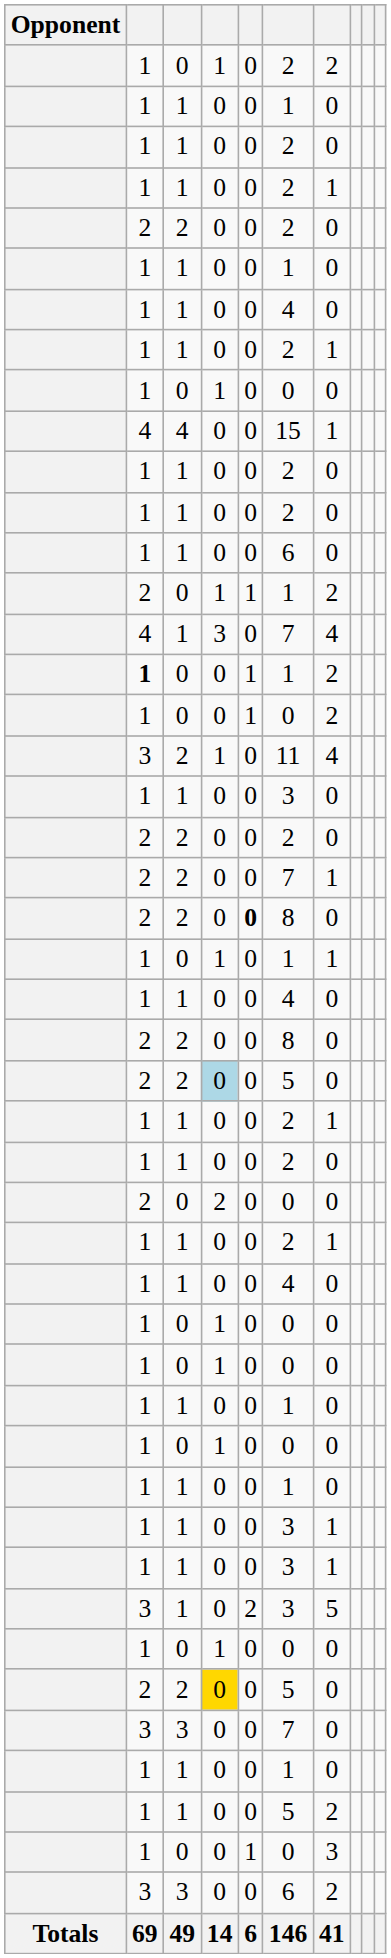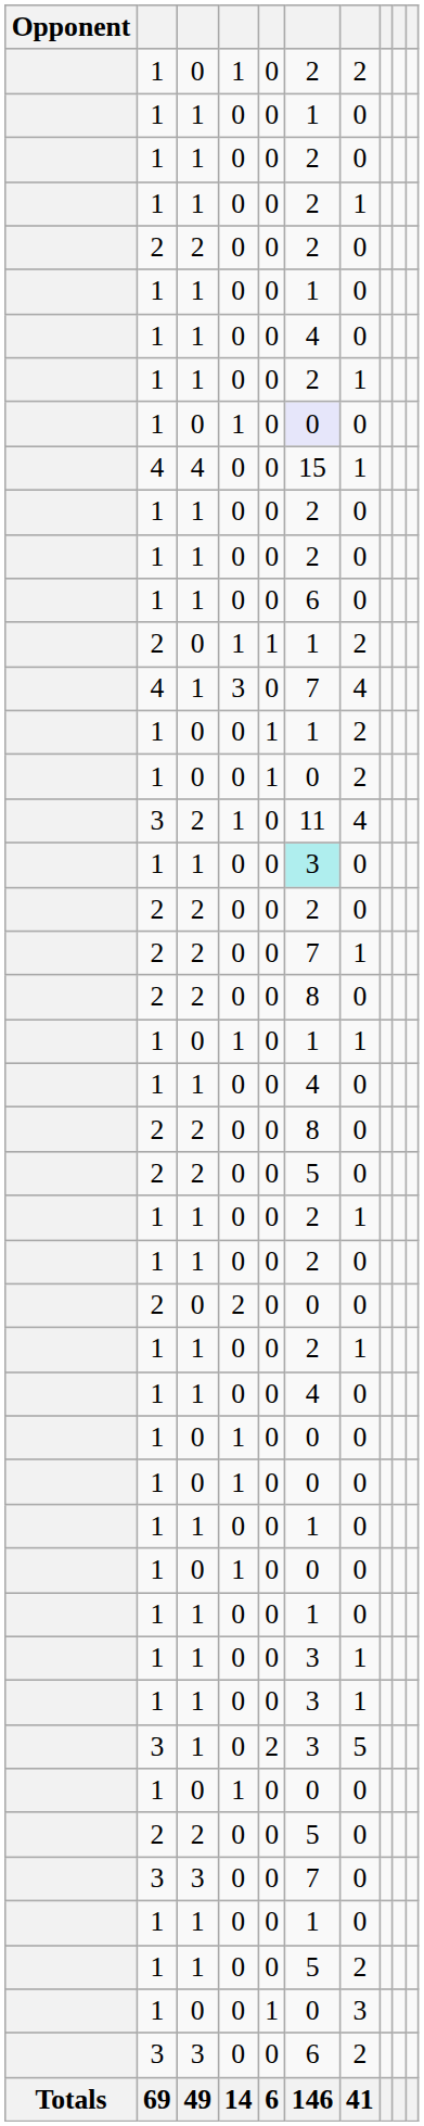 <table class="wikitable plainrowheaders sortable" style="text-align:center">
 <tr>
 <th scope=col>Opponent</th>
 <th scope=col></th>
 <th scope=col></th>
 <th scope=col></th>
 <th scope=col></th>
 <th scope=col></th>
 <th scope=col></th>
 <th scope=col></th>
 <th scope=col></th>
 <th scope=col></th>
 </tr>
 <tr>
 <th scope=row style="text-align:left;"></th>
 <td>1</td>
 <td>0</td>
 <td>1</td>
 <td>0</td>
 <td>2</td>
 <td>2</td>
 <td></td>
 <td></td>
 <td></td>
 </tr>
 <tr>
 <th scope=row style="text-align:left;"></th>
 <td>1</td>
 <td>1</td>
 <td>0</td>
 <td>0</td>
 <td>1</td>
 <td>0</td>
 <td></td>
 <td></td>
 <td></td>
 </tr>
 <tr>
 <th scope=row style="text-align:left;"></th>
 <td>1</td>
 <td>1</td>
 <td>0</td>
 <td>0</td>
 <td>2</td>
 <td>0</td>
 <td></td>
 <td></td>
 <td></td>
 </tr>
 <tr>
 <th scope=row style="text-align:left;"></th>
 <td>1</td>
 <td>1</td>
 <td>0</td>
 <td>0</td>
 <td>2</td>
 <td>1</td>
 <td></td>
 <td></td>
 <td></td>
 </tr>
 <tr>
 <th scope=row style="text-align:left;"></th>
 <td>2</td>
 <td>2</td>
 <td>0</td>
 <td>0</td>
 <td>2</td>
 <td>0</td>
 <td></td>
 <td></td>
 <td></td>
 </tr>
 <tr>
 <th scope=row style="text-align:left;"></th>
 <td>1</td>
 <td>1</td>
 <td>0</td>
 <td>0</td>
 <td>1</td>
 <td>0</td>
 <td></td>
 <td></td>
 <td></td>
 </tr>
 <tr>
 <th scope=row style="text-align:left;"></th>
 <td>1</td>
 <td>1</td>
 <td>0</td>
 <td>0</td>
 <td>4</td>
 <td>0</td>
 <td></td>
 <td></td>
 <td></td>
 </tr>
 <tr>
 <th scope=row style="text-align:left;"></th>
 <td>1</td>
 <td>1</td>
 <td>0</td>
 <td>0</td>
 <td>2</td>
 <td>1</td>
 <td></td>
 <td></td>
 <td></td>
 </tr>
 <tr>
 <th scope=row style="text-align:left;"></th>
 <td>1</td>
 <td>0</td>
 <td>1</td>
 <td>0</td>
-<td>0</td>
+<td style="background: lavender;">0</td>
 <td>0</td>
 <td></td>
 <td></td>
 <td></td>
 </tr>
 <tr>
 <th scope=row style="text-align:left;"></th>
 <td>4</td>
 <td>4</td>
 <td>0</td>
 <td>0</td>
 <td>15</td>
 <td>1</td>
 <td></td>
 <td></td>
 <td></td>
 </tr>
 <tr>
 <th scope=row style="text-align:left;"></th>
 <td>1</td>
 <td>1</td>
 <td>0</td>
 <td>0</td>
 <td>2</td>
 <td>0</td>
 <td></td>
 <td></td>
 <td></td>
 </tr>
 <tr>
 <th scope=row style="text-align:left;"></th>
 <td>1</td>
 <td>1</td>
 <td>0</td>
 <td>0</td>
 <td>2</td>
 <td>0</td>
 <td></td>
 <td></td>
 <td></td>
 </tr>
 <tr>
 <th scope=row style="text-align:left;"></th>
 <td>1</td>
 <td>1</td>
 <td>0</td>
 <td>0</td>
 <td>6</td>
 <td>0</td>
 <td></td>
 <td></td>
 <td></td>
 </tr>
 <tr>
 <th scope=row style="text-align:left;"></th>
 <td>2</td>
 <td>0</td>
 <td>1</td>
 <td>1</td>
 <td>1</td>
 <td>2</td>
 <td></td>
 <td></td>
 <td></td>
 </tr>
 <tr>
 <th scope=row style="text-align:left;"></th>
 <td>4</td>
 <td>1</td>
 <td>3</td>
 <td>0</td>
 <td>7</td>
 <td>4</td>
 <td></td>
 <td></td>
 <td></td>
 </tr>
 <tr>
 <th scope=row style="text-align:left;"></th>
-<td><strong>1</strong></td>
+<td>1</td>
 <td>0</td>
 <td>0</td>
 <td>1</td>
 <td>1</td>
 <td>2</td>
 <td></td>
 <td></td>
 <td></td>
 </tr>
 <tr>
 <th scope=row style="text-align:left;"></th>
 <td>1</td>
 <td>0</td>
 <td>0</td>
 <td>1</td>
 <td>0</td>
 <td>2</td>
 <td></td>
 <td></td>
 <td></td>
 </tr>
 <tr>
 <th scope=row style="text-align:left;"></th>
 <td>3</td>
 <td>2</td>
 <td>1</td>
 <td>0</td>
 <td>11</td>
 <td>4</td>
 <td></td>
 <td></td>
 <td></td>
 </tr>
 <tr>
 <th scope=row style="text-align:left;"></th>
 <td>1</td>
 <td>1</td>
 <td>0</td>
 <td>0</td>
-<td>3</td>
+<td style="background: paleturquoise;">3</td>
 <td>0</td>
 <td></td>
 <td></td>
 <td></td>
 </tr>
 <tr>
 <th scope=row style="text-align:left;"></th>
 <td>2</td>
 <td>2</td>
 <td>0</td>
 <td>0</td>
 <td>2</td>
 <td>0</td>
 <td></td>
 <td></td>
 <td></td>
 </tr>
 <tr>
 <th scope=row style="text-align:left;"></th>
 <td>2</td>
 <td>2</td>
 <td>0</td>
 <td>0</td>
 <td>7</td>
 <td>1</td>
 <td></td>
 <td></td>
 <td></td>
 </tr>
 <tr>
 <th scope=row style="text-align:left;"></th>
 <td>2</td>
 <td>2</td>
 <td>0</td>
-<td><strong>0</strong></td>
+<td>0</td>
 <td>8</td>
 <td>0</td>
 <td></td>
 <td></td>
 <td></td>
 </tr>
 <tr>
 <th scope=row style="text-align:left;"></th>
 <td>1</td>
 <td>0</td>
 <td>1</td>
 <td>0</td>
 <td>1</td>
 <td>1</td>
 <td></td>
 <td></td>
 <td></td>
 </tr>
 <tr>
 <th scope=row style="text-align:left;"></th>
 <td>1</td>
 <td>1</td>
 <td>0</td>
 <td>0</td>
 <td>4</td>
 <td>0</td>
 <td></td>
 <td></td>
 <td></td>
 </tr>
 <tr>
 <th scope=row style="text-align:left;"></th>
 <td>2</td>
 <td>2</td>
 <td>0</td>
 <td>0</td>
 <td>8</td>
 <td>0</td>
 <td></td>
 <td></td>
 <td></td>
 </tr>
 <tr>
 <th scope=row style="text-align:left;"></th>
 <td>2</td>
 <td>2</td>
-<td style="background: lightblue;">0</td>
+<td>0</td>
 <td>0</td>
 <td>5</td>
 <td>0</td>
 <td></td>
 <td></td>
 <td></td>
 </tr>
 <tr>
 <th scope=row style="text-align:left;"></th>
 <td>1</td>
 <td>1</td>
 <td>0</td>
 <td>0</td>
 <td>2</td>
 <td>1</td>
 <td></td>
 <td></td>
 <td></td>
 </tr>
 <tr>
 <th scope=row style="text-align:left;"></th>
 <td>1</td>
 <td>1</td>
 <td>0</td>
 <td>0</td>
 <td>2</td>
 <td>0</td>
 <td></td>
 <td></td>
 <td></td>
 </tr>
 <tr>
 <th scope=row style="text-align:left;"></th>
 <td>2</td>
 <td>0</td>
 <td>2</td>
 <td>0</td>
 <td>0</td>
 <td>0</td>
 <td></td>
 <td></td>
 <td></td>
 </tr>
 <tr>
 <th scope=row style="text-align:left;"></th>
 <td>1</td>
 <td>1</td>
 <td>0</td>
 <td>0</td>
 <td>2</td>
 <td>1</td>
 <td></td>
 <td></td>
 <td></td>
 </tr>
 <tr>
 <th scope=row style="text-align:left;"></th>
 <td>1</td>
 <td>1</td>
 <td>0</td>
 <td>0</td>
 <td>4</td>
 <td>0</td>
 <td></td>
 <td></td>
 <td></td>
 </tr>
 <tr>
 <th scope=row style="text-align:left;"></th>
 <td>1</td>
 <td>0</td>
 <td>1</td>
 <td>0</td>
 <td>0</td>
 <td>0</td>
 <td></td>
 <td></td>
 <td></td>
 </tr>
 <tr>
 <th scope=row style="text-align:left;"></th>
 <td>1</td>
 <td>0</td>
 <td>1</td>
 <td>0</td>
 <td>0</td>
 <td>0</td>
 <td></td>
 <td></td>
 <td></td>
 </tr>
 <tr>
 <th scope=row style="text-align:left;"></th>
 <td>1</td>
 <td>1</td>
 <td>0</td>
 <td>0</td>
 <td>1</td>
 <td>0</td>
 <td></td>
 <td></td>
 <td></td>
 </tr>
 <tr>
 <th scope=row style="text-align:left;"></th>
 <td>1</td>
 <td>0</td>
 <td>1</td>
 <td>0</td>
 <td>0</td>
 <td>0</td>
 <td></td>
 <td></td>
 <td></td>
 </tr>
 <tr>
 <th scope=row style="text-align:left;"></th>
 <td>1</td>
 <td>1</td>
 <td>0</td>
 <td>0</td>
 <td>1</td>
 <td>0</td>
 <td></td>
 <td></td>
 <td></td>
 </tr>
 <tr>
 <th scope=row style="text-align:left;"></th>
 <td>1</td>
 <td>1</td>
 <td>0</td>
 <td>0</td>
 <td>3</td>
 <td>1</td>
 <td></td>
 <td></td>
 <td></td>
 </tr>
 <tr>
 <th scope=row style="text-align:left;"></th>
 <td>1</td>
 <td>1</td>
 <td>0</td>
 <td>0</td>
 <td>3</td>
 <td>1</td>
 <td></td>
 <td></td>
 <td></td>
 </tr>
 <tr>
 <th scope=row style="text-align:left;"></th>
 <td>3</td>
 <td>1</td>
 <td>0</td>
 <td>2</td>
 <td>3</td>
 <td>5</td>
 <td></td>
 <td></td>
 <td></td>
 </tr>
 <tr>
 <th scope=row style="text-align:left;"></th>
 <td>1</td>
 <td>0</td>
 <td>1</td>
 <td>0</td>
 <td>0</td>
 <td>0</td>
 <td></td>
 <td></td>
 <td></td>
 </tr>
 <tr>
 <th scope=row style="text-align:left;"></th>
 <td>2</td>
 <td>2</td>
-<td style="background: gold;">0</td>
+<td>0</td>
 <td>0</td>
 <td>5</td>
 <td>0</td>
 <td></td>
 <td></td>
 <td></td>
 </tr>
 <tr>
 <th scope=row style="text-align:left;"></th>
 <td>3</td>
 <td>3</td>
 <td>0</td>
 <td>0</td>
 <td>7</td>
 <td>0</td>
 <td></td>
 <td></td>
 <td></td>
 </tr>
 <tr>
 <th scope=row style="text-align:left;"></th>
 <td>1</td>
 <td>1</td>
 <td>0</td>
 <td>0</td>
 <td>1</td>
 <td>0</td>
 <td></td>
 <td></td>
 <td></td>
 </tr>
 <tr>
 <th scope=row style="text-align:left;"></th>
 <td>1</td>
 <td>1</td>
 <td>0</td>
 <td>0</td>
 <td>5</td>
 <td>2</td>
 <td></td>
 <td></td>
 <td></td>
 </tr>
 <tr>
 <th scope=row style="text-align:left;"></th>
 <td>1</td>
 <td>0</td>
 <td>0</td>
 <td>1</td>
 <td>0</td>
 <td>3</td>
 <td></td>
 <td></td>
 <td></td>
 </tr>
 <tr>
 <th scope=row style="text-align:left;"></th>
 <td>3</td>
 <td>3</td>
 <td>0</td>
 <td>0</td>
 <td>6</td>
 <td>2</td>
 <td></td>
 <td></td>
 <td></td>
 </tr>
 <tr class="sortbottom">
 <th>Totals</th>
 <th>69</th>
 <th>49</th>
 <th>14</th>
 <th>6</th>
 <th>146</th>
 <th>41</th>
 <th></th>
 <th></th>
 <th></th>
 </tr>
 </table>
